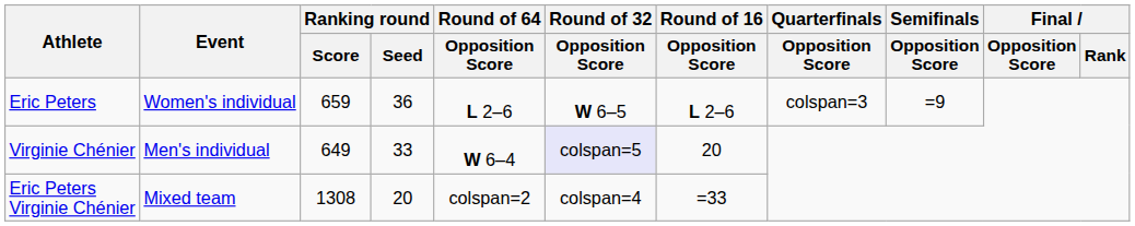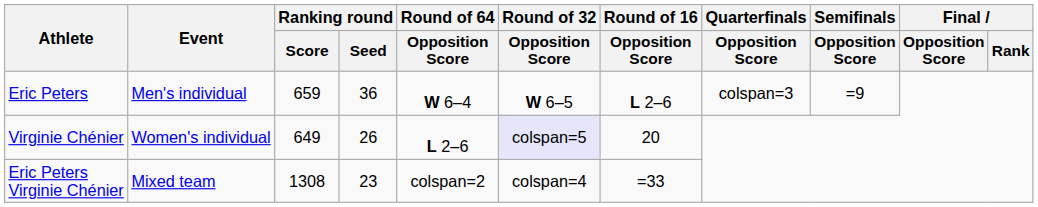 <table class=wikitable style="font-size:90%; text-align:center">
 <tr>
 <th rowspan=2>Athlete</th>
 <th rowspan=2>Event</th>
 <th colspan="2">Ranking round</th>
 <th>Round of 64</th>
 <th>Round of 32</th>
 <th>Round of 16</th>
 <th>Quarterfinals</th>
 <th>Semifinals</th>
 <th colspan="2">Final / </th>
 </tr>
 <tr style="font-size:95%">
 <th>Score</th>
 <th>Seed</th>
 <th>Opposition<br>Score</th>
 <th>Opposition<br>Score</th>
 <th>Opposition<br>Score</th>
 <th>Opposition<br>Score</th>
 <th>Opposition<br>Score</th>
 <th>Opposition<br>Score</th>
 <th>Rank</th>
 </tr>
 <tr align=center>
 <td align=left><a href='#'>Eric Peters</a></td>
-<td align=left><a href='#'>Women's individual</a></td>
+<td align=left><a href='#'>Men's individual</a></td>
 <td>659</td>
 <td>36</td>
-<td><br><strong>L</strong> 2–6</td>
+<td><br><strong>W</strong> 6–4</td>
 <td><br><strong>W</strong> 6–5</td>
 <td><br><strong>L</strong> 2–6</td>
 <td>colspan=3 </td>
 <td>=9</td>
 </tr>
 <tr align=center>
 <td align=left><a href='#'>Virginie Chénier</a></td>
-<td align=left><a href='#'>Men's individual</a></td>
+<td align=left><a href='#'>Women's individual</a></td>
 <td>649</td>
-<td>33</td>
-<td><br><strong>W</strong> 6–4</td>
+<td>26</td>
+<td><br><strong>L</strong> 2–6</td>
 <td style="background: lavender;">colspan=5 </td>
 <td>20</td>
 </tr>
 <tr>
 <td align=left><a href='#'>Eric Peters</a><br><a href='#'>Virginie Chénier</a></td>
 <td align=left><a href='#'>Mixed team</a></td>
 <td>1308</td>
-<td>20</td>
+<td>23</td>
 <td>colspan=2 </td>
 <td>colspan=4 </td>
 <td>=33</td>
 </tr>
 </table>
